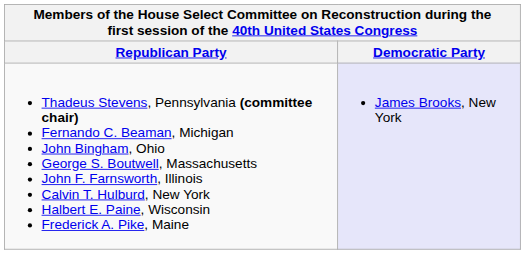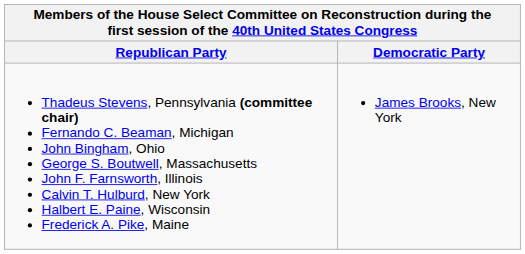 <table class=wikitable>
 <tr>
 <th Colspan=3>Members of the House Select Committee on Reconstruction during the<br>first session of the  <a href='#'>40th United States Congress</a></th>
 </tr>
 <tr>
 <th><a href='#'>Republican Party</a></th>
 <th><a href='#'>Democratic Party</a></th>
 </tr>
 <tr>
 <td valign=top ><br><ul><li><a href='#'>Thadeus Stevens</a>, Pennsylvania <strong>(committee chair)</strong></li><li><a href='#'>Fernando C. Beaman</a>, Michigan</li><li><a href='#'>John Bingham</a>, Ohio</li><li><a href='#'>George S. Boutwell</a>, Massachusetts</li><li><a href='#'>John F. Farnsworth</a>, Illinois</li><li><a href='#'>Calvin T. Hulburd</a>, New York</li><li><a href='#'>Halbert E. Paine</a>, Wisconsin</li><li><a href='#'>Frederick A. Pike</a>, Maine</li></ul></td>
-<td valign=top  style="background: lavender;"><br><ul><li><a href='#'>James Brooks</a>, New York</li></ul></td>
+<td valign=top ><br><ul><li><a href='#'>James Brooks</a>, New York</li></ul></td>
 </tr>
 </table>
